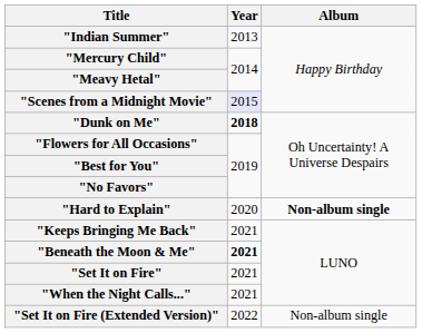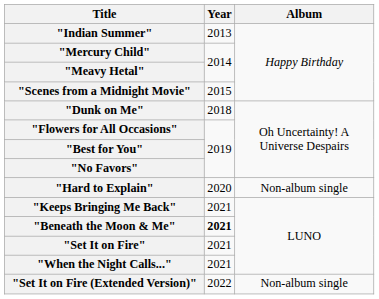 <table class="wikitable plainrowheaders" style="text-align:center;" border="1">
 <tr>
 <th scope="col" style="width:16em;">Title</th>
 <th scope="col" style="width:1em;">Year</th>
 <th scope="col" style="width:11em;">Album</th>
 </tr>
 <tr>
 <th scope="row">"Indian Summer"</th>
 <td rowspan="1">2013</td>
 <td rowspan="4"><em>Happy Birthday</td>
 </tr>
 <tr>
 <th scope="row">"Mercury Child"</th>
 <td rowspan="2">2014</td>
 </tr>
 <tr>
 <th scope="row">"Meavy Hetal"</th>
 </tr>
 <tr>
 <th scope="row">"Scenes from a Midnight Movie"</th>
-<td rowspan="1" style="background: lavender;">2015</td>
+<td rowspan="1">2015</td>
 </tr>
 <tr>
 <th scope="row">"Dunk on Me"</th>
-<td rowspan="1"><strong>2018</strong></td>
+<td rowspan="1">2018</td>
 <td rowspan="4"></em>Oh Uncertainty! A Universe Despairs<em></td>
 </tr>
 <tr>
 <th scope="row">"Flowers for All Occasions"</th>
 <td rowspan="3">2019</td>
 </tr>
 <tr>
 <th scope="row">"Best for You"</th>
 </tr>
 <tr>
 <th scope="row">"No Favors"</th>
 </tr>
 <tr>
 <th scope="row">"Hard to Explain"</th>
 <td rowspan="1">2020</td>
-<td rowspan="1"><strong>Non-album single</strong></td>
+<td rowspan="1">Non-album single</td>
 </tr>
 <tr>
 <th scope="row">"Keeps Bringing Me Back"</th>
 <td rowspan="1">2021</td>
 <td rowspan="4"></em>LUNO<em></td>
 </tr>
 <tr>
 <th scope="row">"Beneath the Moon & Me"</th>
 <td rowspan="1"><strong>2021</strong></td>
 </tr>
 <tr>
 <th scope="row">"Set It on Fire"</th>
 <td rowspan="1">2021</td>
 </tr>
 <tr>
 <th scope="row">"When the Night Calls..."</th>
 <td rowspan="1">2021</td>
 </tr>
 <tr>
 <th scope="row">"Set It on Fire (Extended Version)"</th>
 <td rowspan="1">2022</td>
 <td rowspan="1">Non-album single</td>
 </tr>
 </table>
